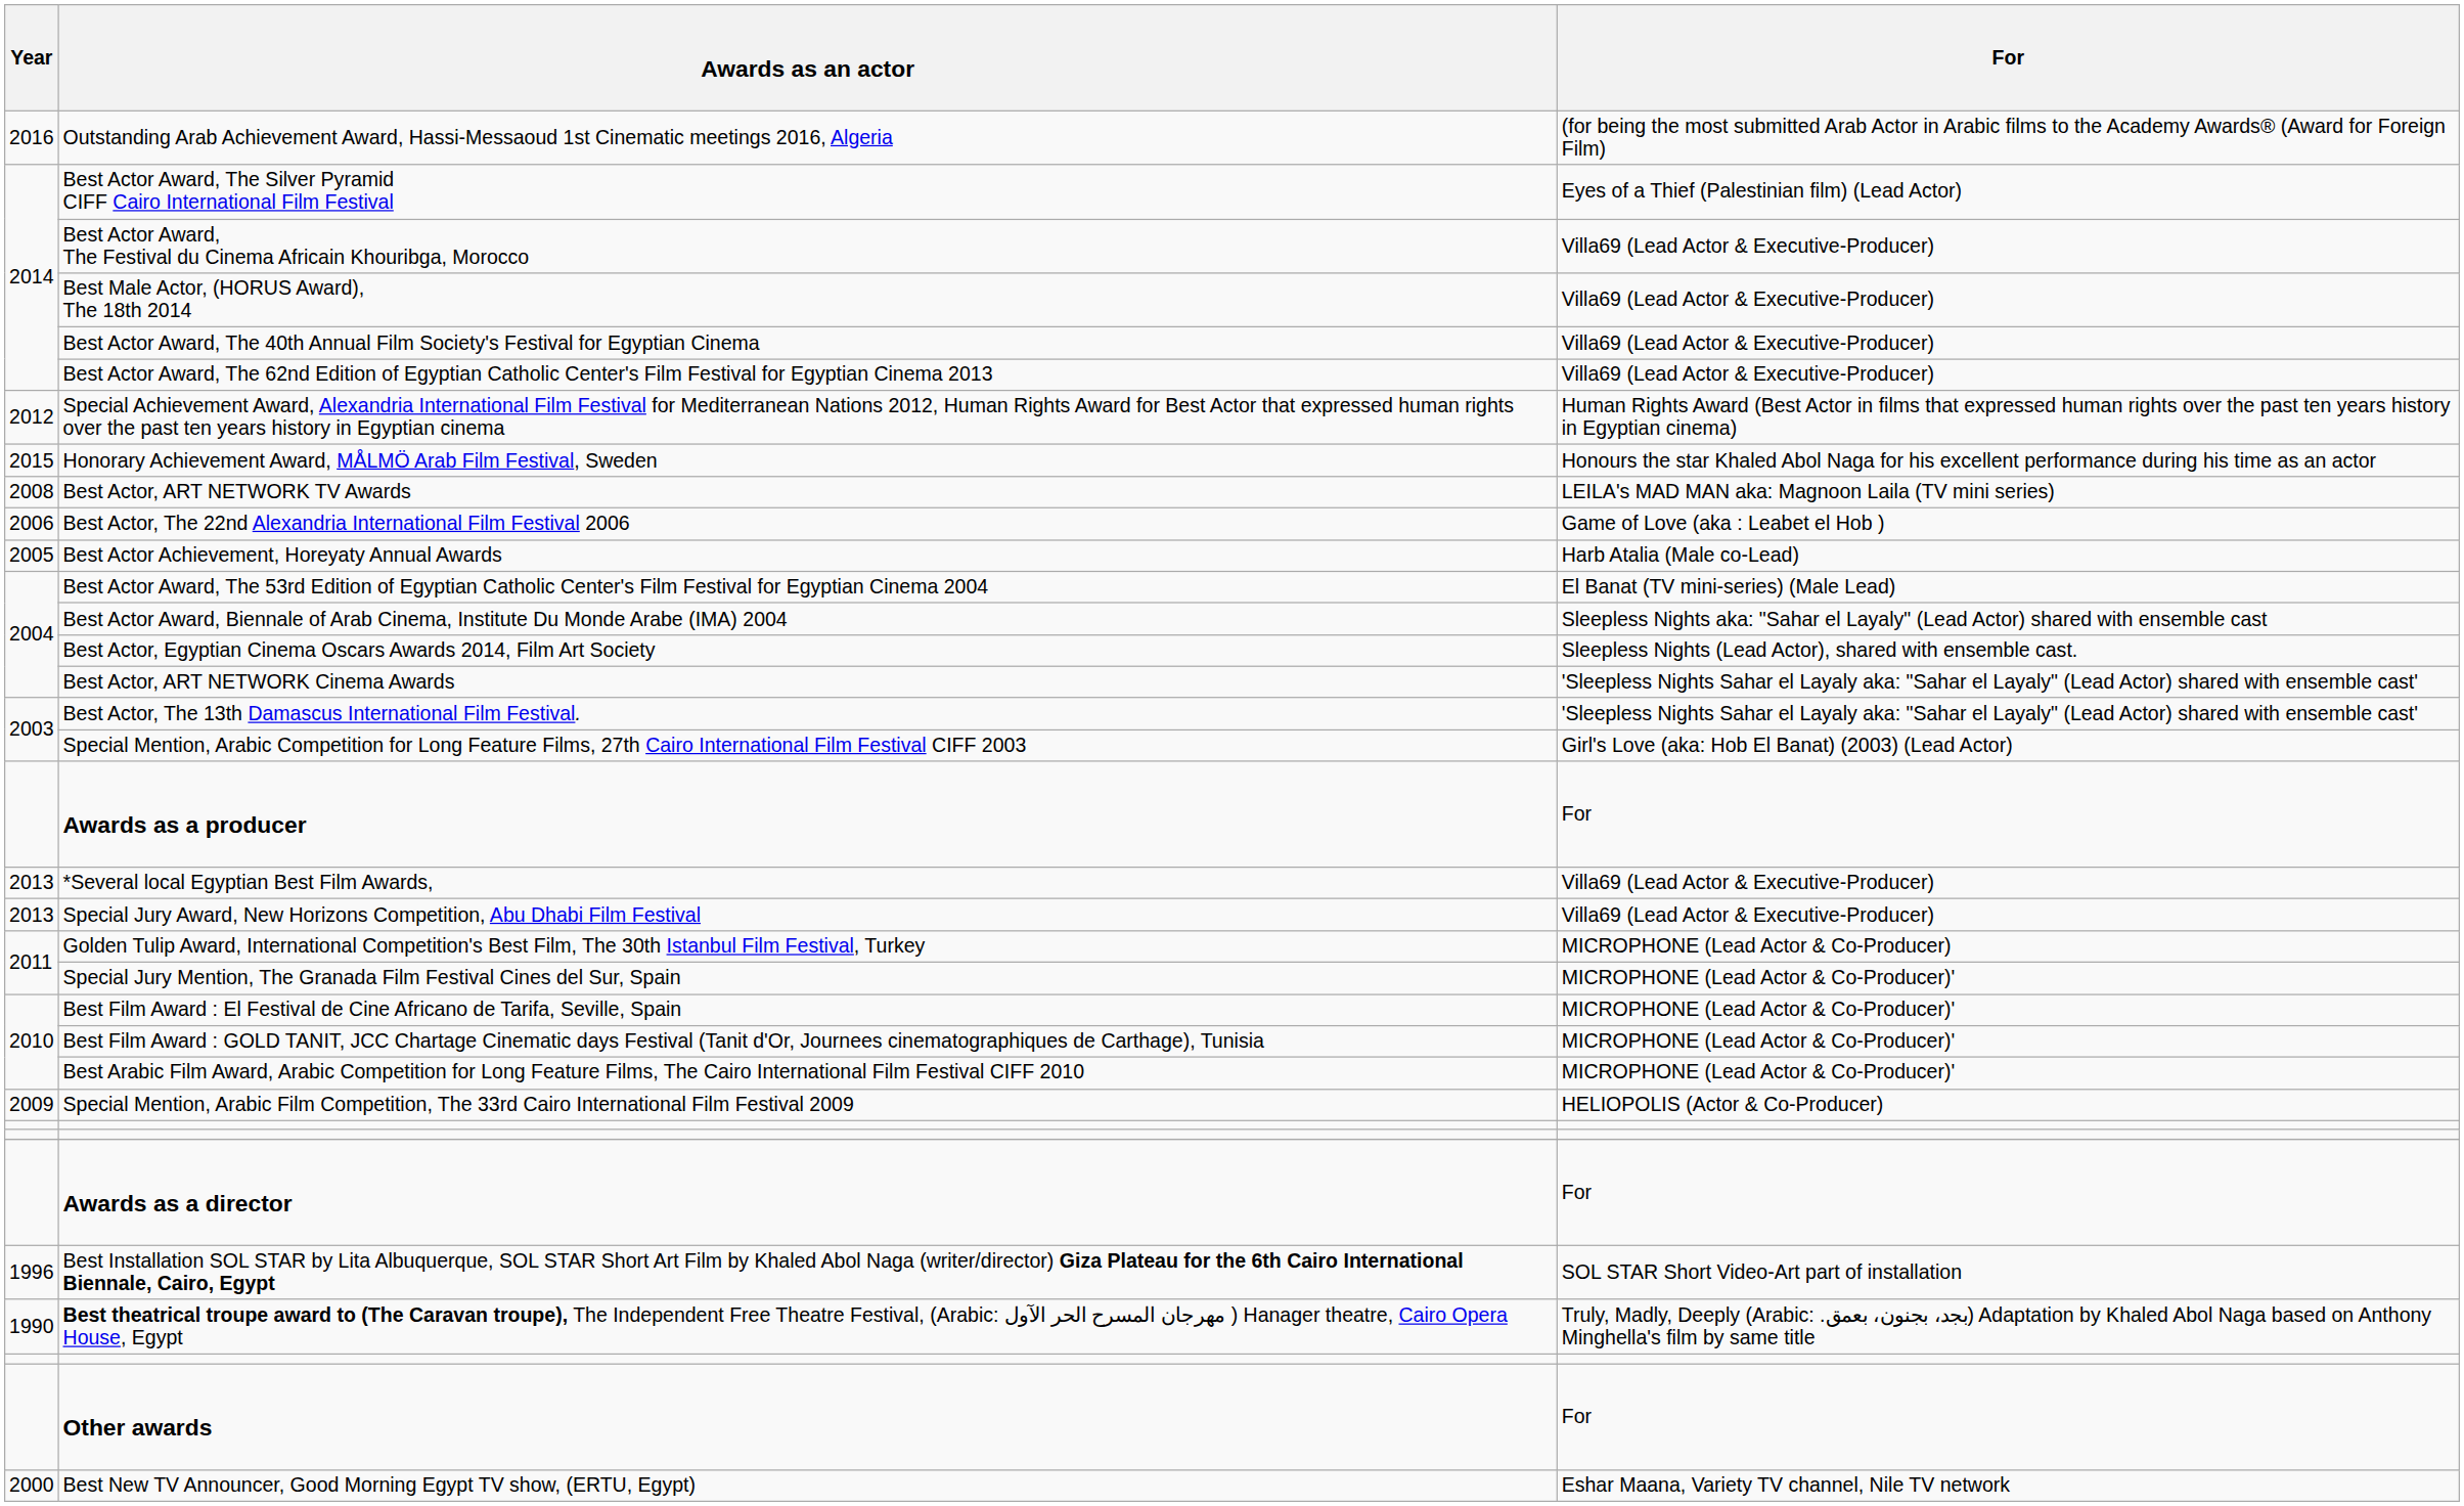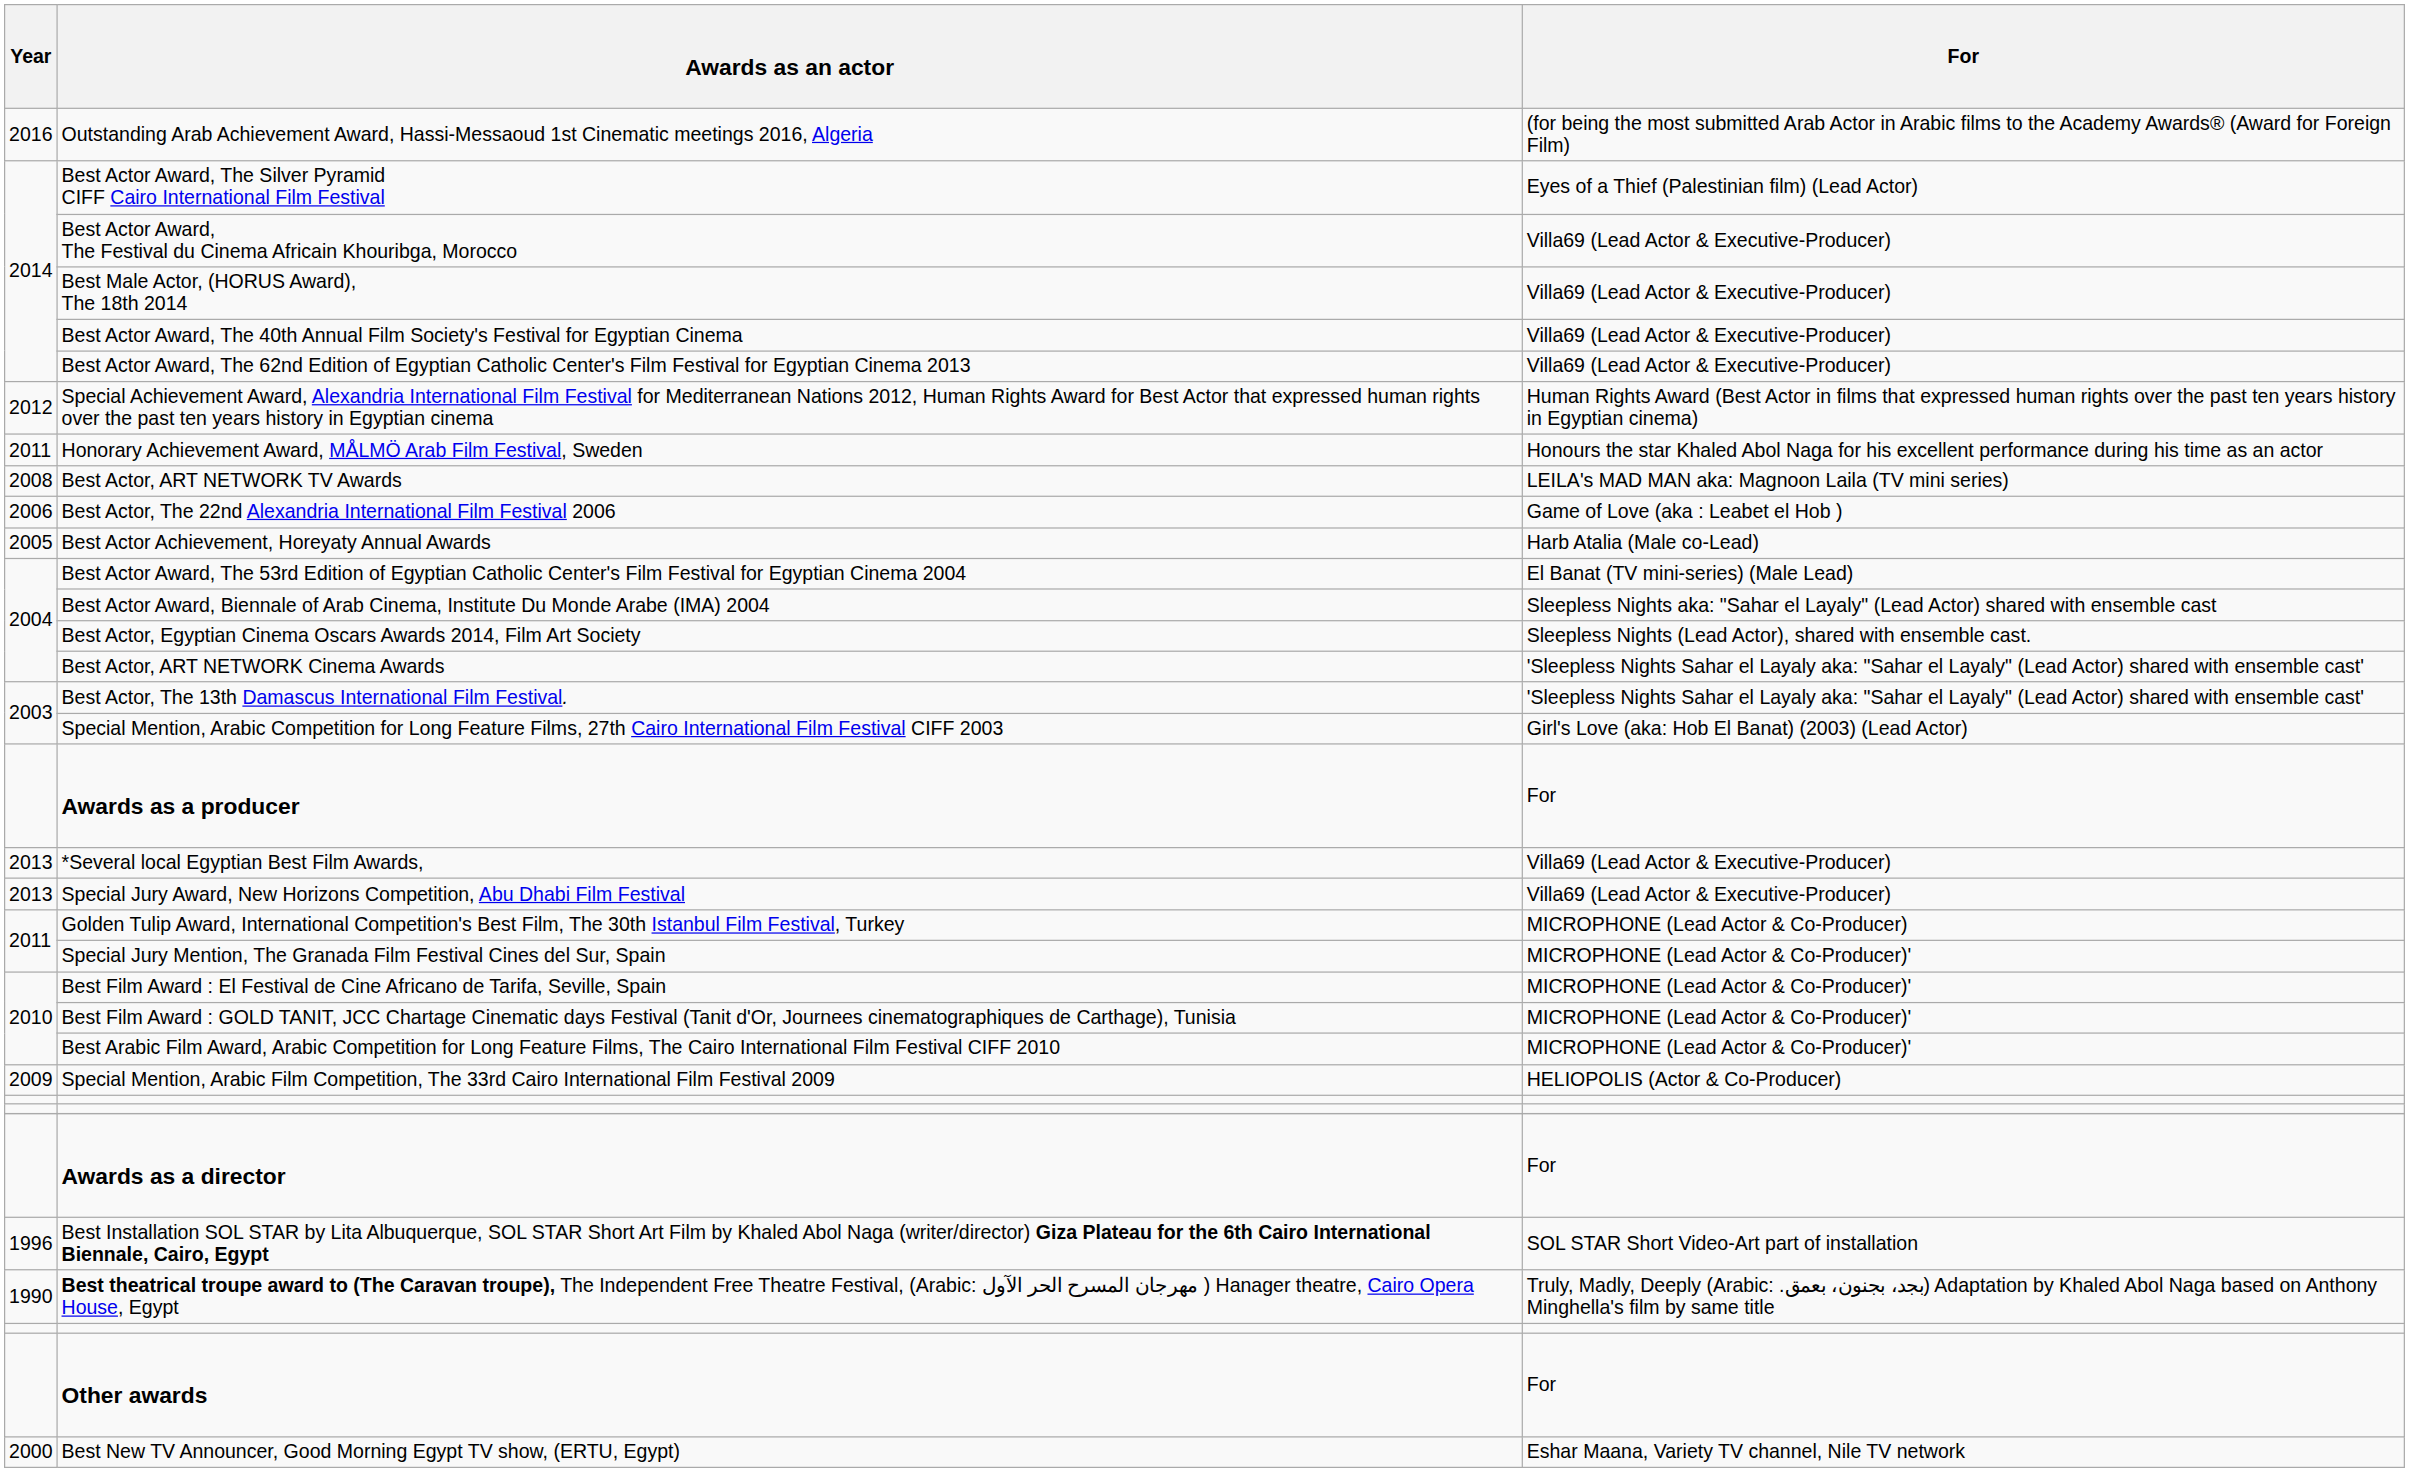 <table class="wikitable sortable">
 <tr>
 <th>Year</th>
 <th><br><h3>Awards as an actor</h3></th>
 <th>For</th>
 </tr>
 <tr>
 <td>2016</td>
 <td>Outstanding Arab Achievement Award, Hassi-Messaoud 1st Cinematic meetings 2016, <a href='#'>Algeria</a></td>
 <td>(for being the most submitted Arab Actor in Arabic films to the Academy Awards® (Award for Foreign Film)</td>
 </tr>
 <tr>
 <td rowspan="5">2014</td>
 <td>Best Actor Award, The Silver Pyramid<br>CIFF <a href='#'>Cairo International Film Festival</a></td>
 <td>Eyes of a Thief (Palestinian film) (Lead Actor)</td>
 </tr>
 <tr>
 <td>Best Actor Award,<br>The Festival du Cinema Africain Khouribga, Morocco</td>
 <td>Villa69 (Lead Actor & Executive-Producer)</td>
 </tr>
 <tr>
 <td>Best Male Actor, (HORUS Award),<br>The 18th  2014</td>
 <td>Villa69 (Lead Actor & Executive-Producer)</td>
 </tr>
 <tr>
 <td>Best Actor Award, The 40th Annual Film Society's Festival for Egyptian Cinema</td>
 <td>Villa69 (Lead Actor & Executive-Producer)</td>
 </tr>
 <tr>
 <td>Best Actor Award, The 62nd Edition of Egyptian Catholic Center's Film Festival for Egyptian Cinema 2013</td>
 <td>Villa69 (Lead Actor & Executive-Producer)</td>
 </tr>
 <tr>
 <td>2012</td>
 <td>Special Achievement Award, <a href='#'>Alexandria International Film Festival</a> for Mediterranean Nations 2012, Human Rights Award for Best Actor that expressed human rights over the past ten years history in Egyptian cinema</td>
 <td>Human Rights Award (Best Actor in films that expressed human rights over the past ten years history in Egyptian cinema)</td>
 </tr>
 <tr>
-<td>2015</td>
+<td>2011</td>
 <td>Honorary Achievement Award, <a href='#'>MÅLMÖ Arab Film Festival</a>, Sweden</td>
 <td>Honours the star Khaled Abol Naga for his excellent performance during his time as an actor</td>
 </tr>
 <tr>
 <td>2008</td>
 <td>Best Actor, ART NETWORK TV Awards</td>
 <td>LEILA's MAD MAN aka: Magnoon Laila  (TV mini series)</td>
 </tr>
 <tr>
 <td>2006</td>
 <td>Best Actor, The 22nd <a href='#'>Alexandria International Film Festival</a> 2006</td>
 <td>Game of Love  (aka : Leabet el Hob )</td>
 </tr>
 <tr>
 <td>2005</td>
 <td>Best Actor Achievement, Horeyaty Annual Awards</td>
 <td>Harb Atalia (Male co-Lead)</td>
 </tr>
 <tr>
 <td rowspan="4">2004</td>
 <td>Best Actor Award, The 53rd Edition of Egyptian Catholic Center's Film Festival for Egyptian Cinema 2004</td>
 <td>El Banat (TV mini-series) (Male Lead)</td>
 </tr>
 <tr>
 <td>Best Actor Award, Biennale of Arab Cinema, Institute Du Monde Arabe (IMA) 2004</td>
 <td>Sleepless Nights aka: "Sahar el Layaly" (Lead Actor) shared with ensemble cast</td>
 </tr>
 <tr>
 <td>Best Actor, Egyptian Cinema Oscars Awards 2014, Film Art Society</td>
 <td>Sleepless Nights (Lead Actor), shared with ensemble cast.</td>
 </tr>
 <tr>
 <td>Best Actor, ART NETWORK Cinema Awards</td>
 <td>'Sleepless Nights Sahar el Layaly aka: "Sahar el Layaly" (Lead Actor) shared with ensemble cast'</td>
 </tr>
 <tr>
 <td rowspan="2">2003</td>
 <td>Best Actor, The 13th <a href='#'>Damascus International Film Festival</a><em>.</em></td>
 <td>'Sleepless Nights Sahar el Layaly aka: "Sahar el Layaly" (Lead Actor) shared with ensemble cast'</td>
 </tr>
 <tr>
 <td>Special Mention, Arabic Competition for Long Feature Films, 27th <a href='#'>Cairo International Film Festival</a> CIFF 2003</td>
 <td>Girl's Love (aka: Hob El Banat) (2003) (Lead Actor)</td>
 </tr>
 <tr>
 <td></td>
 <td><br><h3>Awards as a producer</h3></td>
 <td>For</td>
 </tr>
 <tr>
 <td>2013</td>
 <td>*Several local Egyptian Best Film Awards,</td>
 <td>Villa69 (Lead Actor & Executive-Producer)</td>
 </tr>
 <tr>
 <td>2013</td>
 <td>Special Jury Award,  New Horizons Competition, <a href='#'>Abu Dhabi Film Festival</a></td>
 <td>Villa69 (Lead Actor & Executive-Producer)</td>
 </tr>
 <tr>
 <td rowspan="2">2011</td>
 <td>Golden Tulip Award, International Competition's Best Film, The 30th <a href='#'>Istanbul Film Festival</a>, Turkey</td>
 <td>MICROPHONE (Lead Actor & Co-Producer)</td>
 </tr>
 <tr>
 <td>Special Jury Mention, The Granada Film Festival Cines del Sur, Spain</td>
 <td>MICROPHONE (Lead Actor & Co-Producer)'</td>
 </tr>
 <tr>
 <td rowspan="3">2010</td>
 <td>Best Film Award : El Festival de Cine Africano de Tarifa, Seville, Spain</td>
 <td>MICROPHONE (Lead Actor & Co-Producer)'</td>
 </tr>
 <tr>
 <td>Best Film Award : GOLD TANIT, JCC Chartage Cinematic days Festival (Tanit d'Or, Journees cinematographiques de Carthage), Tunisia</td>
 <td>MICROPHONE (Lead Actor & Co-Producer)'</td>
 </tr>
 <tr>
 <td>Best Arabic Film Award,  Arabic Competition for Long Feature Films, The Cairo International Film Festival CIFF 2010</td>
 <td>MICROPHONE (Lead Actor & Co-Producer)'</td>
 </tr>
 <tr>
 <td>2009</td>
 <td>Special Mention, Arabic Film Competition, The 33rd Cairo International Film Festival 2009</td>
 <td>HELIOPOLIS (Actor & Co-Producer)</td>
 </tr>
 <tr>
 <td></td>
 <td></td>
 <td></td>
 </tr>
 <tr>
 <td></td>
 <td></td>
 <td></td>
 </tr>
 <tr>
 </tr>
 <tr>
 <td></td>
 <td><br><h3>Awards as a director</h3></td>
 <td>For</td>
 </tr>
 <tr>
 <td>1996</td>
 <td>Best Installation SOL STAR by Lita Albuquerque, SOL STAR Short Art Film by Khaled Abol Naga (writer/director) <strong>Giza Plateau for the 6th Cairo International Biennale, Cairo, Egypt</strong></td>
 <td>SOL STAR Short Video-Art part of installation</td>
 </tr>
 <tr>
 <td>1990</td>
 <td><strong>Best theatrical troupe award to (The Caravan troupe),</strong> The Independent Free Theatre Festival, (Arabic:  مهرجان المسرح الحر الآول ) Hanager theatre, <a href='#'>Cairo Opera House</a>, Egypt</td>
 <td>Truly, Madly, Deeply (Arabic: .بجد، بجنون، بعمق) Adaptation by Khaled Abol Naga based on Anthony Minghella's film by same title</td>
 </tr>
 <tr>
 <td></td>
 <td></td>
 <td></td>
 </tr>
 <tr>
 <td></td>
 <td><br><h3>Other awards</h3></td>
 <td>For</td>
 </tr>
 <tr>
 <td>2000</td>
 <td>Best New TV Announcer, Good Morning Egypt TV show, (ERTU, Egypt)</td>
 <td>Eshar Maana, Variety TV channel, Nile TV network</td>
 </tr>
 </table>
